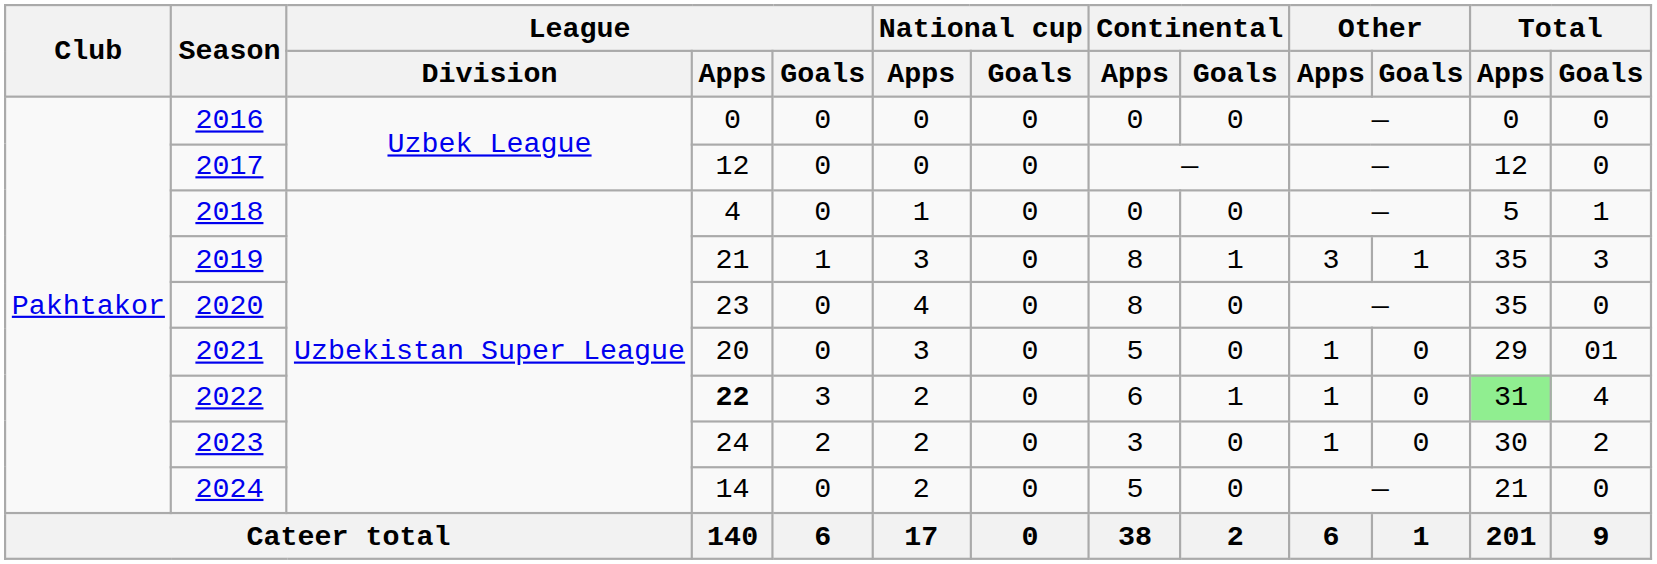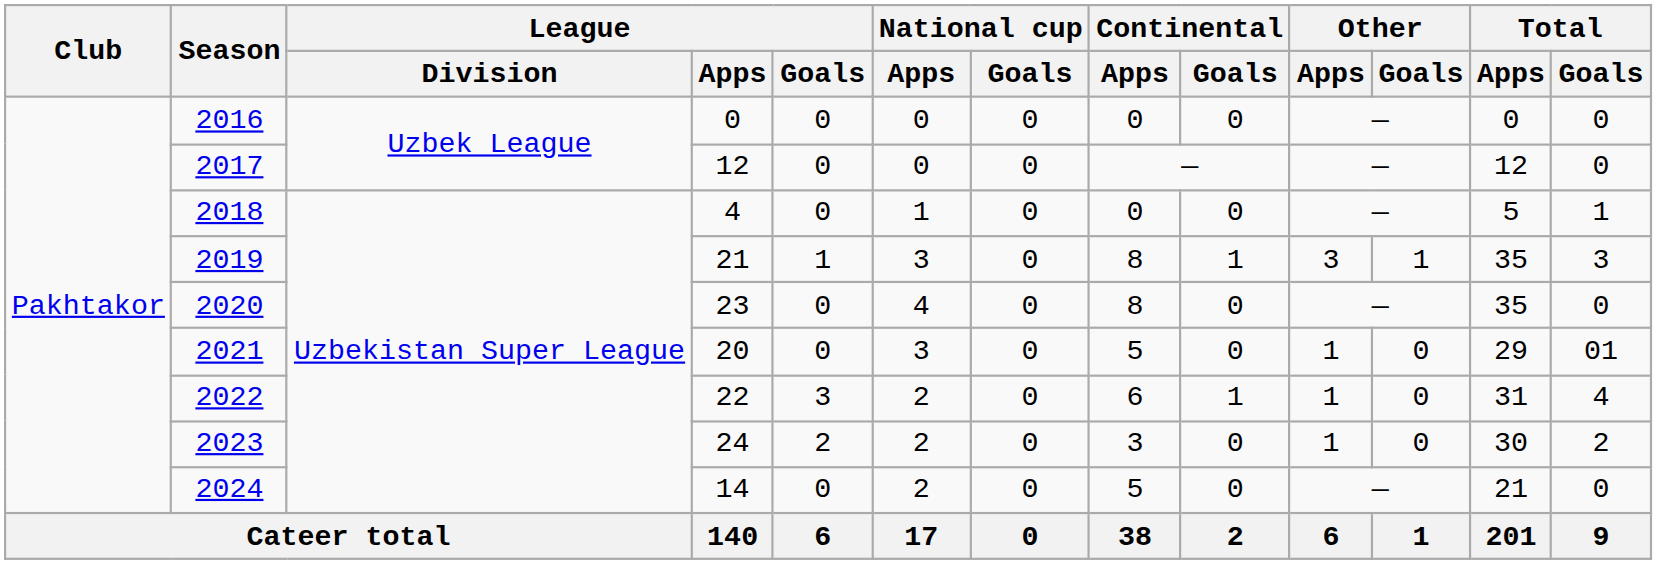 <table class="wikitable" style="text-align: center;">
 <tr>
 <th rowspan="2">Club</th>
 <th rowspan="2">Season</th>
 <th colspan="3">League</th>
 <th colspan="2">National cup</th>
 <th colspan="2">Continental</th>
 <th colspan="2">Other</th>
 <th colspan="2">Total</th>
 </tr>
 <tr>
 <th>Division</th>
 <th>Apps</th>
 <th>Goals</th>
 <th>Apps</th>
 <th>Goals</th>
 <th>Apps</th>
 <th>Goals</th>
 <th>Apps</th>
 <th>Goals</th>
 <th>Apps</th>
 <th>Goals</th>
 </tr>
 <tr>
 <td rowspan="9"><a href='#'>Pakhtakor</a></td>
 <td><a href='#'>2016</a></td>
 <td rowspan="2"><a href='#'>Uzbek League</a></td>
 <td>0</td>
 <td>0</td>
 <td>0</td>
 <td>0</td>
 <td>0</td>
 <td>0</td>
 <td colspan="2">—</td>
 <td>0</td>
 <td>0</td>
 </tr>
 <tr>
 <td><a href='#'>2017</a></td>
 <td>12</td>
 <td>0</td>
 <td>0</td>
 <td>0</td>
 <td colspan="2">—</td>
 <td colspan="2">—</td>
 <td>12</td>
 <td>0</td>
 </tr>
 <tr>
 <td><a href='#'>2018</a></td>
 <td rowspan="7"><a href='#'>Uzbekistan Super League</a></td>
 <td>4</td>
 <td>0</td>
 <td>1</td>
 <td>0</td>
 <td>0</td>
 <td>0</td>
 <td colspan="2">—</td>
 <td>5</td>
 <td>1</td>
 </tr>
 <tr>
 <td><a href='#'>2019</a></td>
 <td>21</td>
 <td>1</td>
 <td>3</td>
 <td>0</td>
 <td>8</td>
 <td>1</td>
 <td>3</td>
 <td>1</td>
 <td>35</td>
 <td>3</td>
 </tr>
 <tr>
 <td><a href='#'>2020</a></td>
 <td>23</td>
 <td>0</td>
 <td>4</td>
 <td>0</td>
 <td>8</td>
 <td>0</td>
 <td colspan="2">—</td>
 <td>35</td>
 <td>0</td>
 </tr>
 <tr>
 <td><a href='#'>2021</a></td>
 <td>20</td>
 <td>0</td>
 <td>3</td>
 <td>0</td>
 <td>5</td>
 <td>0</td>
 <td>1</td>
 <td>0</td>
 <td>29</td>
 <td>01</td>
 </tr>
 <tr>
 <td><a href='#'>2022</a></td>
-<td><strong>22</strong></td>
+<td>22</td>
 <td>3</td>
 <td>2</td>
 <td>0</td>
 <td>6</td>
 <td>1</td>
 <td>1</td>
 <td>0</td>
-<td style="background: lightgreen;">31</td>
+<td>31</td>
 <td>4</td>
 </tr>
 <tr>
 <td><a href='#'>2023</a></td>
 <td>24</td>
 <td>2</td>
 <td>2</td>
 <td>0</td>
 <td>3</td>
 <td>0</td>
 <td>1</td>
 <td>0</td>
 <td>30</td>
 <td>2</td>
 </tr>
 <tr>
 <td><a href='#'>2024</a></td>
 <td>14</td>
 <td>0</td>
 <td>2</td>
 <td>0</td>
 <td>5</td>
 <td>0</td>
 <td colspan="2">—</td>
 <td>21</td>
 <td>0</td>
 </tr>
 <tr>
 <th colspan="3">Cateer total</th>
 <th>140</th>
 <th>6</th>
 <th>17</th>
 <th>0</th>
 <th>38</th>
 <th>2</th>
 <th>6</th>
 <th>1</th>
 <th>201</th>
 <th>9</th>
 </tr>
 </table>
